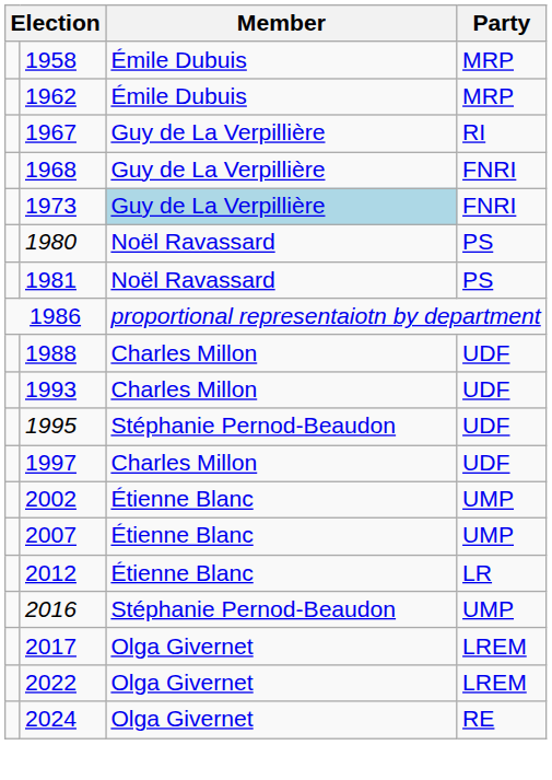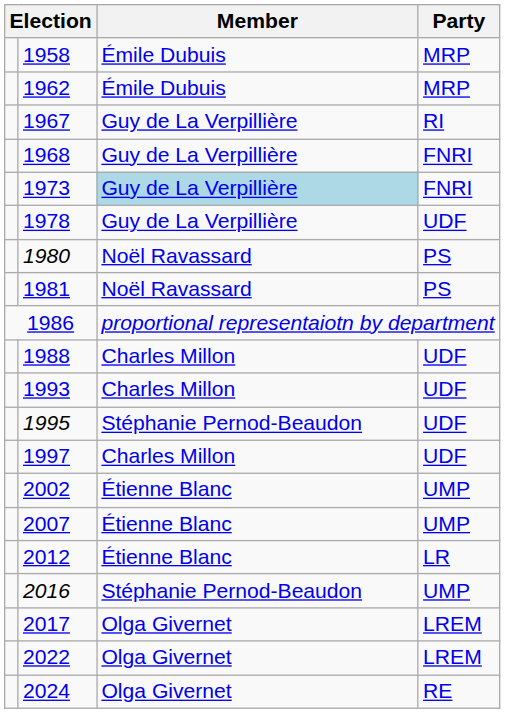 <table class="wikitable">
 <tr>
 <th colspan="2">Election</th>
 <th>Member</th>
 <th>Party</th>
 </tr>
 <tr>
 <td style="color:inherit;background-color: "></td>
 <td><a href='#'>1958</a></td>
 <td><a href='#'>Émile Dubuis</a></td>
 <td><a href='#'>MRP</a></td>
 </tr>
 <tr>
 <td style="color:inherit;background-color: "></td>
 <td><a href='#'>1962</a></td>
 <td><a href='#'>Émile Dubuis</a></td>
 <td><a href='#'>MRP</a></td>
 </tr>
 <tr>
 <td style="color:inherit;background-color: "></td>
 <td><a href='#'>1967</a></td>
 <td><a href='#'>Guy de La Verpillière</a></td>
 <td><a href='#'>RI</a></td>
 </tr>
 <tr>
 <td style="color:inherit;background-color: "></td>
 <td><a href='#'>1968</a></td>
 <td><a href='#'>Guy de La Verpillière</a></td>
 <td><a href='#'>FNRI</a></td>
 </tr>
 <tr>
 <td style="color:inherit;background-color: "></td>
 <td><a href='#'>1973</a></td>
 <td style="background: lightblue;"><a href='#'>Guy de La Verpillière</a></td>
 <td><a href='#'>FNRI</a></td>
+</tr>
+<tr>
+<td style="color:inherit;background-color: "></td>
+<td><a href='#'>1978</a></td>
+<td><a href='#'>Guy de La Verpillière</a></td>
+<td><a href='#'>UDF</a></td>
 </tr>
 <tr>
 <td style="color:inherit;background-color: "></td>
 <td><em>1980</em></td>
 <td><a href='#'>Noël Ravassard</a></td>
 <td><a href='#'>PS</a></td>
 </tr>
 <tr>
 <td style="color:inherit;background-color: "></td>
 <td><a href='#'>1981</a></td>
 <td><a href='#'>Noël Ravassard</a></td>
 <td><a href='#'>PS</a></td>
 </tr>
 <tr>
 <td colspan="2" align="center"><a href='#'>1986</a></td>
 <td colspan="2"><em><a href='#'>proportional representaiotn by department</a></em></td>
 </tr>
 <tr>
 <td style="color:inherit;background-color: "></td>
 <td><a href='#'>1988</a></td>
 <td><a href='#'>Charles Millon</a></td>
 <td><a href='#'>UDF</a></td>
 </tr>
 <tr>
 <td style="color:inherit;background-color: "></td>
 <td><a href='#'>1993</a></td>
 <td><a href='#'>Charles Millon</a></td>
 <td><a href='#'>UDF</a></td>
 </tr>
 <tr>
 <td style="color:inherit;background-color: "></td>
 <td><em>1995</em></td>
 <td><a href='#'>Stéphanie Pernod-Beaudon</a></td>
 <td><a href='#'>UDF</a></td>
 </tr>
 <tr>
 <td style="color:inherit;background-color: "></td>
 <td><a href='#'>1997</a></td>
 <td><a href='#'>Charles Millon</a></td>
 <td><a href='#'>UDF</a></td>
 </tr>
 <tr>
 <td style="color:inherit;background-color: "></td>
 <td><a href='#'>2002</a></td>
 <td><a href='#'>Étienne Blanc</a></td>
 <td><a href='#'>UMP</a></td>
 </tr>
 <tr>
 <td style="color:inherit;background-color: "></td>
 <td><a href='#'>2007</a></td>
 <td><a href='#'>Étienne Blanc</a></td>
 <td><a href='#'>UMP</a></td>
 </tr>
 <tr>
 <td style="color:inherit;background-color: "></td>
 <td><a href='#'>2012</a></td>
 <td><a href='#'>Étienne Blanc</a></td>
 <td><a href='#'>LR</a></td>
 </tr>
 <tr>
 <td style="color:inherit;background-color: "></td>
 <td><em>2016</em></td>
 <td><a href='#'>Stéphanie Pernod-Beaudon</a></td>
 <td><a href='#'>UMP</a></td>
 </tr>
 <tr>
 <td style="color:inherit;background-color: "></td>
 <td><a href='#'>2017</a></td>
 <td><a href='#'>Olga Givernet</a></td>
 <td><a href='#'>LREM</a></td>
 </tr>
 <tr>
 <td style="color:inherit;background-color: "></td>
 <td><a href='#'>2022</a></td>
 <td><a href='#'>Olga Givernet</a></td>
 <td><a href='#'>LREM</a></td>
 </tr>
 <tr>
 <td style="color:inherit;background-color: "></td>
 <td><a href='#'>2024</a></td>
 <td><a href='#'>Olga Givernet</a></td>
 <td><a href='#'>RE</a></td>
 </tr>
 </table>
